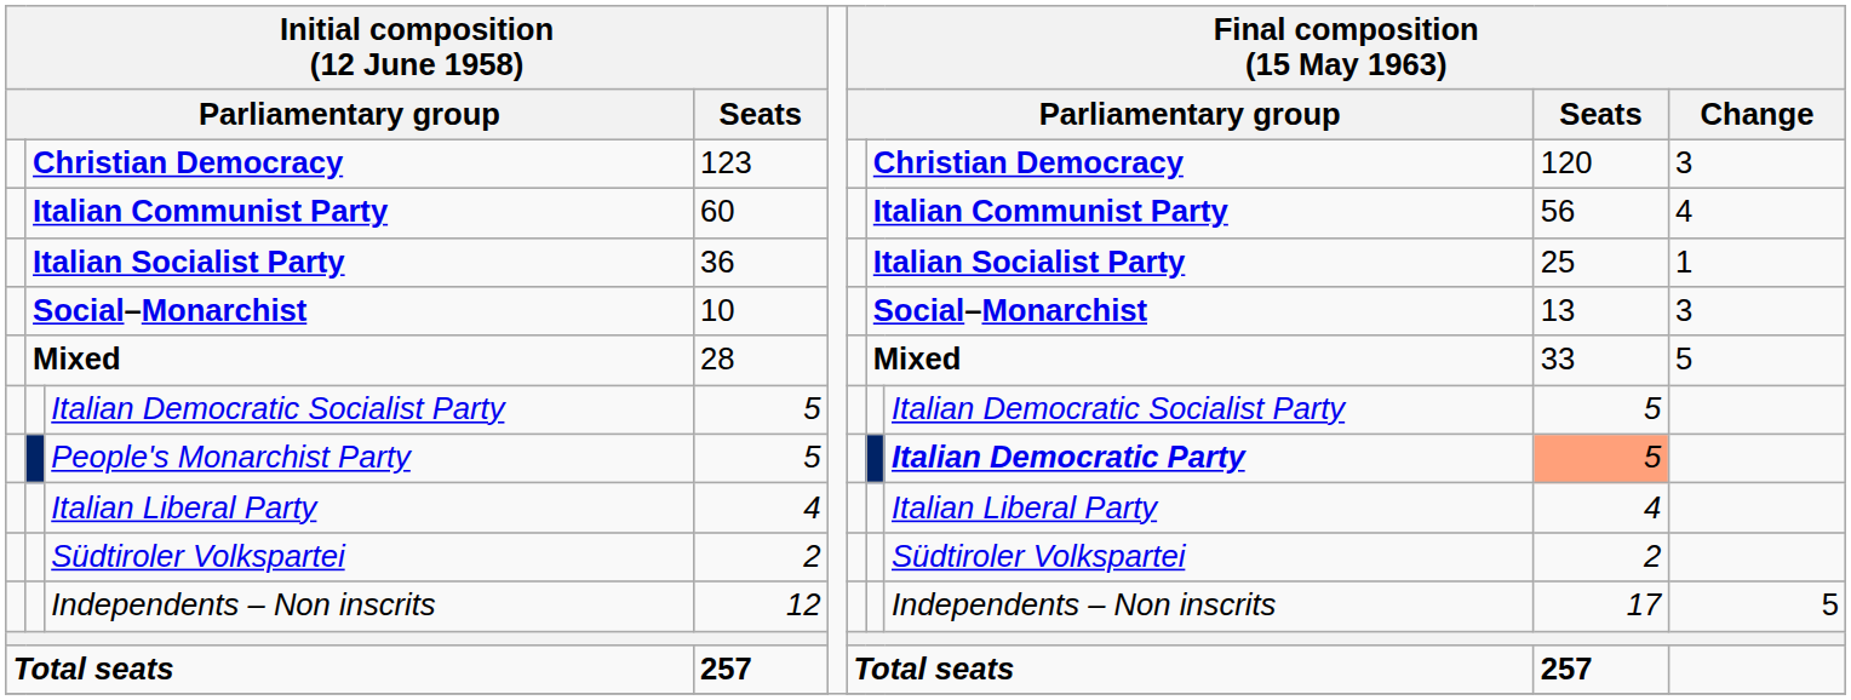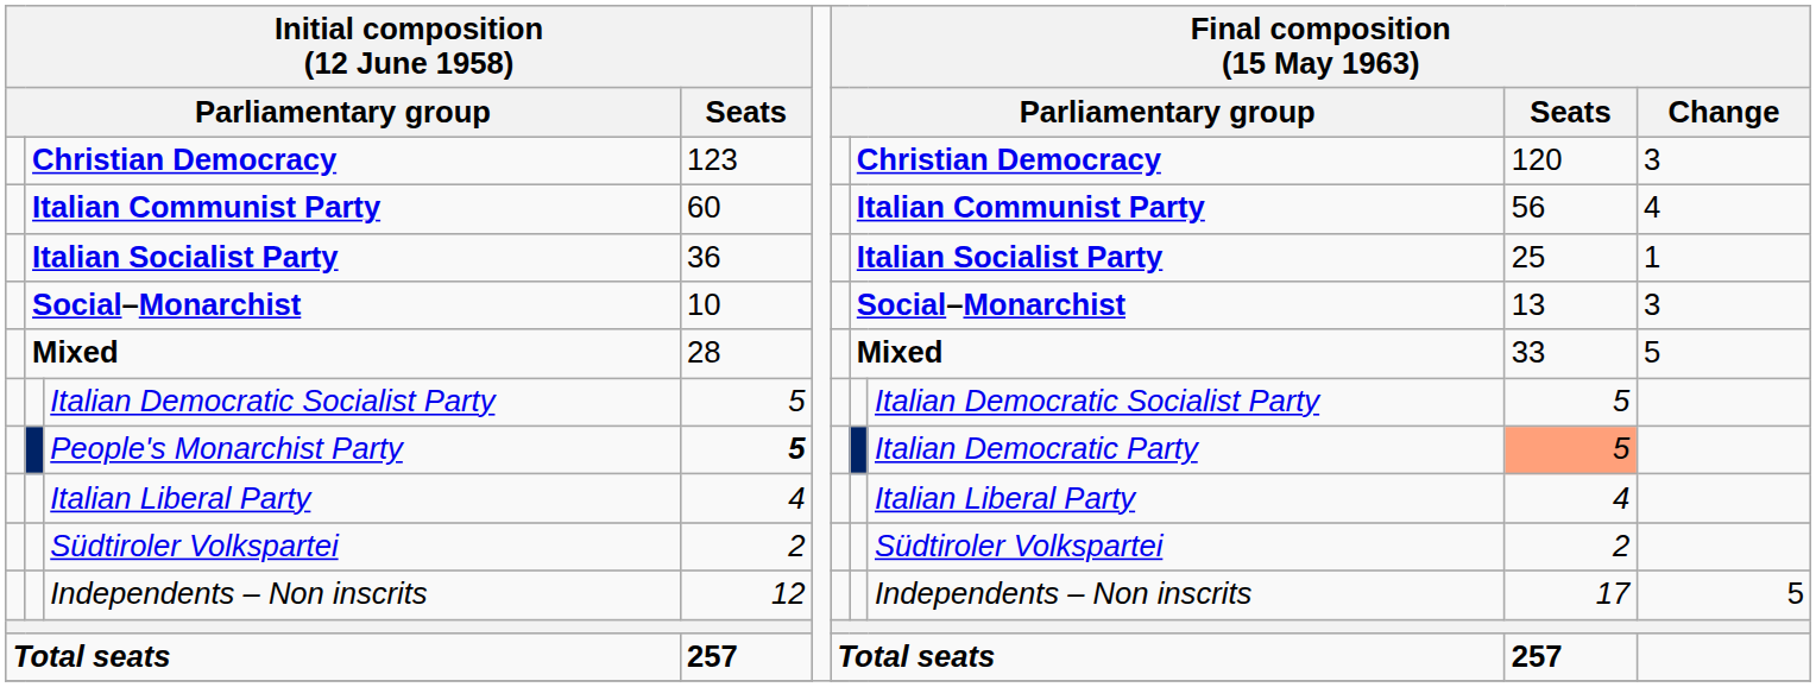 <table class="wikitable" style="width : 60%;">
 <tr>
 <th colspan="4">Initial composition<br>(12 June 1958)</th>
 <td rowspan="30" style="width : 1%;"></td>
 <th colspan="5">Final composition<br>(15 May 1963)</th>
 </tr>
 <tr>
 <th colspan="3">Parliamentary group</th>
 <th>Seats</th>
 <th colspan="3">Parliamentary group</th>
 <th>Seats</th>
 <th>Change</th>
 </tr>
 <tr>
 <td></td>
 <td colspan = "2"><strong><a href='#'>Christian Democracy</a></strong></td>
 <td>123</td>
 <td></td>
 <td colspan = "2"><strong><a href='#'>Christian Democracy</a></strong></td>
 <td>120</td>
 <td> 3</td>
 </tr>
 <tr>
 <td></td>
 <td colspan = "2"><strong><a href='#'>Italian Communist Party</a></strong></td>
 <td>60</td>
 <td></td>
 <td colspan = "2"><strong><a href='#'>Italian Communist Party</a></strong></td>
 <td>56</td>
 <td> 4</td>
 </tr>
 <tr>
 <td></td>
 <td colspan = "2"><strong><a href='#'>Italian Socialist Party</a></strong></td>
 <td>36</td>
 <td></td>
 <td colspan = "2"><strong><a href='#'>Italian Socialist Party</a></strong></td>
 <td>25</td>
 <td> 1</td>
 </tr>
 <tr>
 <td></td>
 <td colspan = "2"><strong><a href='#'>Social</a>–<a href='#'>Monarchist</a></strong></td>
 <td>10</td>
 <td></td>
 <td colspan = "2"><strong><a href='#'>Social</a>–<a href='#'>Monarchist</a></strong></td>
 <td>13</td>
 <td> 3</td>
 </tr>
 <tr>
 <td></td>
 <td colspan = "2"><strong>Mixed</strong></td>
 <td>28</td>
 <td></td>
 <td colspan = "2"><strong>Mixed</strong></td>
 <td>33</td>
 <td> 5</td>
 </tr>
 <tr>
 <td></td>
 <td></td>
 <td><em><a href='#'>Italian Democratic Socialist Party</a></em></td>
 <td align="right"><em>5</em></td>
 <td></td>
 <td></td>
 <td><em><a href='#'>Italian Democratic Socialist Party</a></em></td>
 <td align="right"><em>5</em></td>
 <td align="right"></td>
 </tr>
 <tr>
 <td></td>
 <td bgcolor="#002366" width=1%></td>
 <td><em><a href='#'>People's Monarchist Party</a></em></td>
-<td align="right"><em>5</em></td>
+<td align="right"><strong><em>5</em></strong></td>
 <td></td>
 <td bgcolor="#002366" width=1%></td>
-<td><strong><em><a href='#'>Italian Democratic Party</a></em></strong></td>
+<td><em><a href='#'>Italian Democratic Party</a></em></td>
 <td align="right" style="background: lightsalmon;"><em>5</em></td>
 <td align="right"></td>
 </tr>
 <tr>
 <td></td>
 <td></td>
 <td><em><a href='#'>Italian Liberal Party</a></em></td>
 <td align="right"><em>4</em></td>
 <td></td>
 <td></td>
 <td><em><a href='#'>Italian Liberal Party</a></em></td>
 <td align="right"><em>4</em></td>
 <td align="right"></td>
 </tr>
 <tr>
 <td></td>
 <td></td>
 <td><em><a href='#'>Südtiroler Volkspartei</a></em></td>
 <td align="right"><em>2</em></td>
 <td></td>
 <td></td>
 <td><em><a href='#'>Südtiroler Volkspartei</a></em></td>
 <td align="right"><em>2</em></td>
 <td align="right"></td>
 </tr>
 <tr>
 <td></td>
 <td></td>
 <td><em>Independents – Non inscrits</em></td>
 <td align="right"><em>12</em></td>
 <td></td>
 <td></td>
 <td><em>Independents – Non inscrits</em></td>
 <td align="right"><em>17</em></td>
 <td align="right"> 5</td>
 </tr>
 <tr>
 <th colspan="4"></th>
 <th colspan="5"></th>
 </tr>
 <tr>
 <td colspan="3"><strong><em>Total seats</em></strong></td>
 <td><strong>257</strong></td>
 <td colspan="3"><strong><em>Total seats</em></strong></td>
 <td><strong>257</strong></td>
 <td></td>
 </tr>
 <tr>
 </tr>
 </table>
